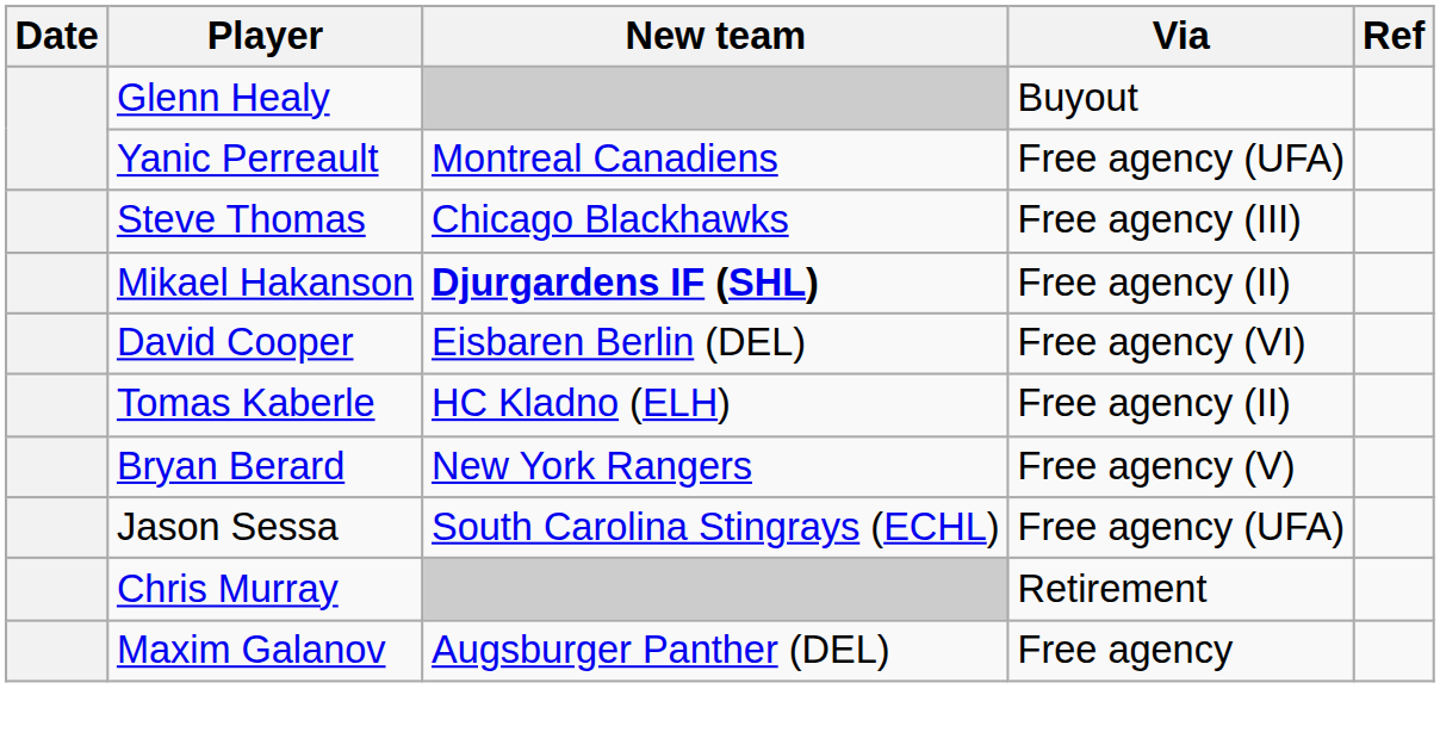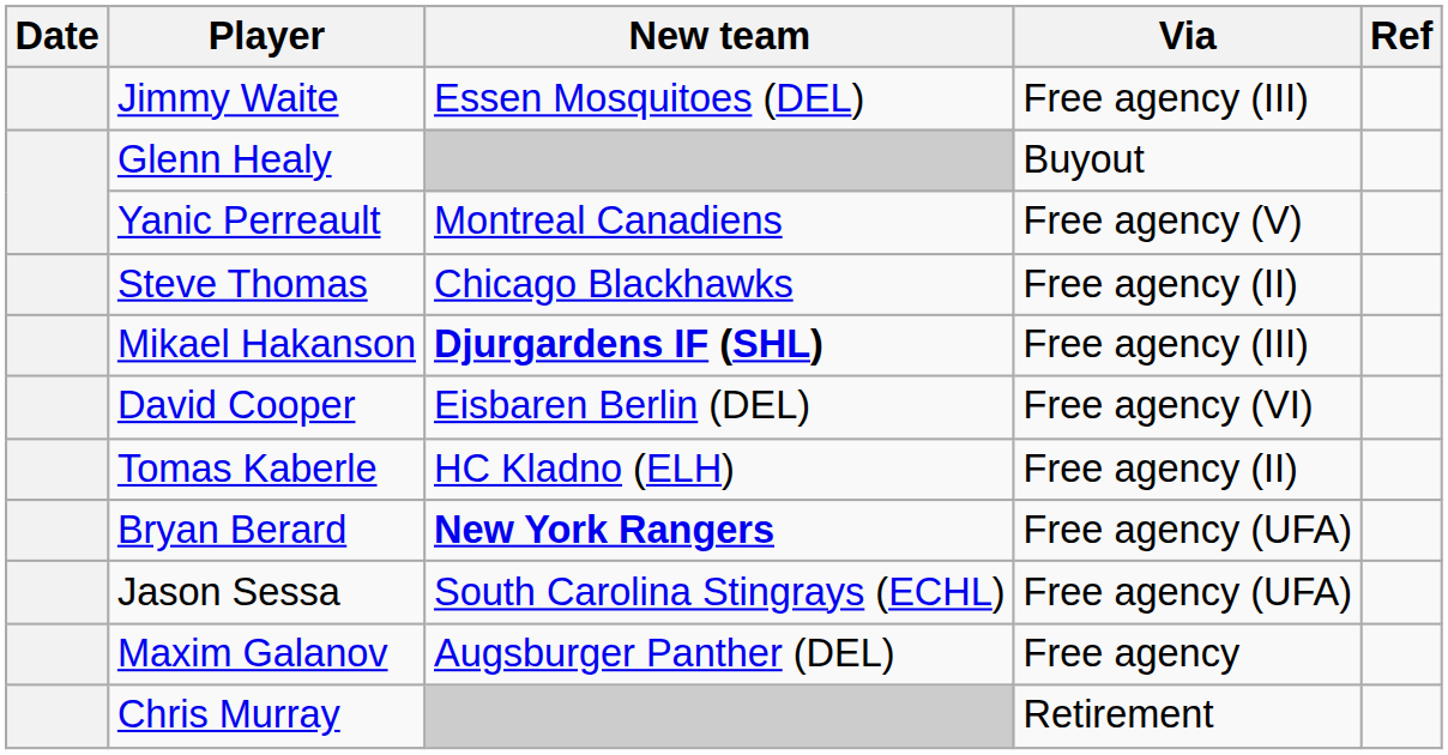 <table class="wikitable plainrowheaders">
 <tr style="background:#ddd; text-align:center;">
 <th>Date</th>
 <th>Player</th>
 <th>New team</th>
 <th>Via</th>
 <th>Ref</th>
+</tr>
+<tr>
+<th scope="row"></th>
+<td><a href='#'>Jimmy Waite</a></td>
+<td><a href='#'>Essen Mosquitoes</a> (<a href='#'>DEL</a>)</td>
+<td>Free agency (III)</td>
+<td></td>
 </tr>
 <tr>
 <th scope="row" rowspan=2></th>
 <td><a href='#'>Glenn Healy</a></td>
 <td style="background:#ccc"></td>
 <td>Buyout</td>
 <td></td>
 </tr>
 <tr>
 <td><a href='#'>Yanic Perreault</a></td>
 <td><a href='#'>Montreal Canadiens</a></td>
-<td>Free agency (UFA)</td>
+<td>Free agency (V)</td>
 <td></td>
 </tr>
 <tr>
 <th scope="row"></th>
 <td><a href='#'>Steve Thomas</a></td>
 <td><a href='#'>Chicago Blackhawks</a></td>
-<td>Free agency (III)</td>
+<td>Free agency (II)</td>
 <td></td>
 </tr>
 <tr>
 <th scope="row"></th>
 <td><a href='#'>Mikael Hakanson</a></td>
 <td><strong><a href='#'>Djurgardens IF</a> (<a href='#'>SHL</a>)</strong></td>
-<td>Free agency (II)</td>
+<td>Free agency (III)</td>
 <td></td>
 </tr>
 <tr>
 <th scope="row"></th>
 <td><a href='#'>David Cooper</a></td>
 <td><a href='#'>Eisbaren Berlin</a> (DEL)</td>
 <td>Free agency (VI)</td>
 <td></td>
 </tr>
 <tr>
 <th scope="row"></th>
 <td><a href='#'>Tomas Kaberle</a></td>
 <td><a href='#'>HC Kladno</a> (<a href='#'>ELH</a>)</td>
 <td>Free agency (II)</td>
 <td></td>
 </tr>
 <tr>
 <th scope="row"></th>
 <td><a href='#'>Bryan Berard</a></td>
-<td><a href='#'>New York Rangers</a></td>
-<td>Free agency (V)</td>
+<td><strong><a href='#'>New York Rangers</a></strong></td>
+<td>Free agency (UFA)</td>
 <td></td>
 </tr>
 <tr>
 <th scope="row"></th>
 <td>Jason Sessa</td>
 <td><a href='#'>South Carolina Stingrays</a> (<a href='#'>ECHL</a>)</td>
 <td>Free agency (UFA)</td>
 <td></td>
 </tr>
 <tr>
 <th scope="row"></th>
+<td><a href='#'>Maxim Galanov</a></td>
+<td><a href='#'>Augsburger Panther</a> (DEL)</td>
+<td>Free agency</td>
+<td></td>
+</tr>
+<tr>
+<th scope="row"></th>
 <td><a href='#'>Chris Murray</a></td>
 <td style="background:#ccc"></td>
 <td>Retirement</td>
 <td></td>
 </tr>
-<tr>
-<th scope="row"></th>
-<td><a href='#'>Maxim Galanov</a></td>
-<td><a href='#'>Augsburger Panther</a> (DEL)</td>
-<td>Free agency</td>
-<td></td>
-</tr>
 </table>
